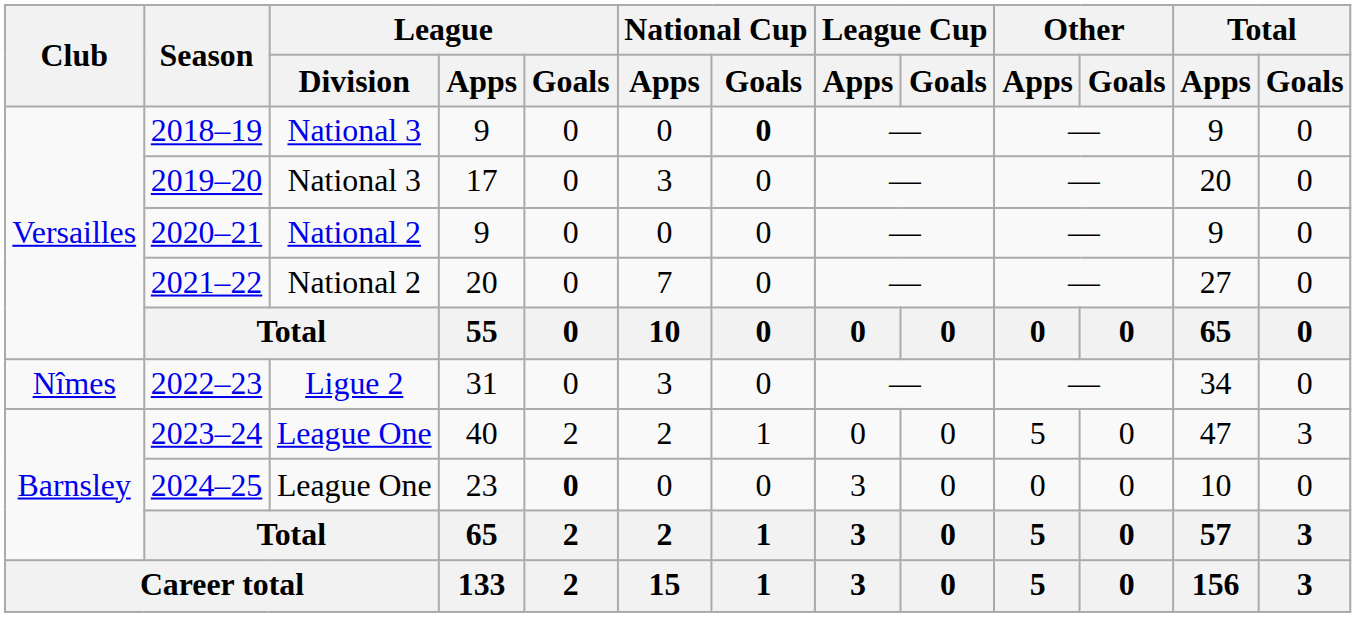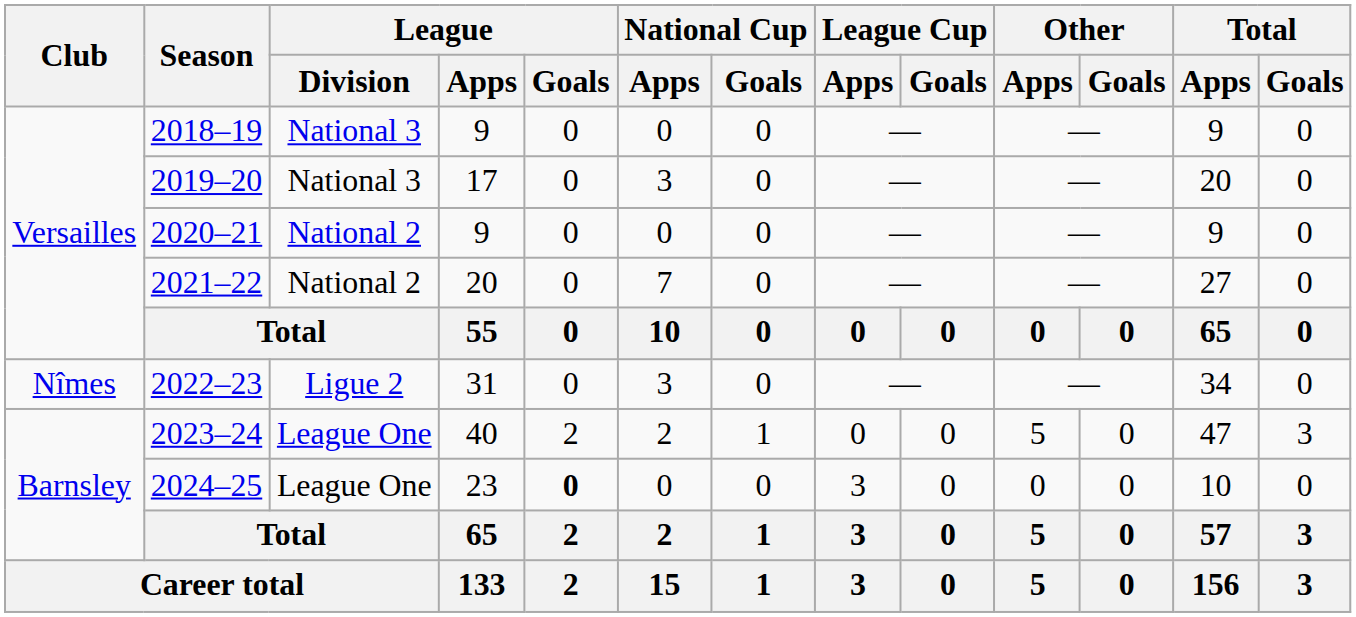 <table class="wikitable" style="text-align: center">
 <tr>
 <th rowspan="2">Club</th>
 <th rowspan="2">Season</th>
 <th colspan="3">League</th>
 <th colspan="2">National Cup</th>
 <th colspan="2">League Cup</th>
 <th colspan="2">Other</th>
 <th colspan="2">Total</th>
 </tr>
 <tr>
 <th>Division</th>
 <th>Apps</th>
 <th>Goals</th>
 <th>Apps</th>
 <th>Goals</th>
 <th>Apps</th>
 <th>Goals</th>
 <th>Apps</th>
 <th>Goals</th>
 <th>Apps</th>
 <th>Goals</th>
 </tr>
 <tr>
 <td rowspan="5"><a href='#'>Versailles</a></td>
 <td><a href='#'>2018–19</a></td>
 <td><a href='#'>National 3</a></td>
 <td>9</td>
 <td>0</td>
 <td>0</td>
-<td><strong>0</strong></td>
+<td>0</td>
 <td colspan="2">—</td>
 <td colspan="2">—</td>
 <td>9</td>
 <td>0</td>
 </tr>
 <tr>
 <td><a href='#'>2019–20</a></td>
 <td>National 3</td>
 <td>17</td>
 <td>0</td>
 <td>3</td>
 <td>0</td>
 <td colspan="2">—</td>
 <td colspan="2">—</td>
 <td>20</td>
 <td>0</td>
 </tr>
 <tr>
 <td><a href='#'>2020–21</a></td>
 <td><a href='#'>National 2</a></td>
 <td>9</td>
 <td>0</td>
 <td>0</td>
 <td>0</td>
 <td colspan="2">—</td>
 <td colspan="2">—</td>
 <td>9</td>
 <td>0</td>
 </tr>
 <tr>
 <td><a href='#'>2021–22</a></td>
 <td>National 2</td>
 <td>20</td>
 <td>0</td>
 <td>7</td>
 <td>0</td>
 <td colspan="2">—</td>
 <td colspan="2">—</td>
 <td>27</td>
 <td>0</td>
 </tr>
 <tr>
 <th colspan="2">Total</th>
 <th>55</th>
 <th>0</th>
 <th>10</th>
 <th>0</th>
 <th>0</th>
 <th>0</th>
 <th>0</th>
 <th>0</th>
 <th>65</th>
 <th>0</th>
 </tr>
 <tr>
 <td><a href='#'>Nîmes</a></td>
 <td><a href='#'>2022–23</a></td>
 <td><a href='#'>Ligue 2</a></td>
 <td>31</td>
 <td>0</td>
 <td>3</td>
 <td>0</td>
 <td colspan="2">—</td>
 <td colspan="2">—</td>
 <td>34</td>
 <td>0</td>
 </tr>
 <tr>
 <td rowspan="3"><a href='#'>Barnsley</a></td>
 <td><a href='#'>2023–24</a></td>
 <td><a href='#'>League One</a></td>
 <td>40</td>
 <td>2</td>
 <td>2</td>
 <td>1</td>
 <td>0</td>
 <td>0</td>
 <td>5</td>
 <td>0</td>
 <td>47</td>
 <td>3</td>
 </tr>
 <tr>
 <td><a href='#'>2024–25</a></td>
 <td>League One</td>
 <td>23</td>
 <td><strong>0</strong></td>
 <td>0</td>
 <td>0</td>
 <td>3</td>
 <td>0</td>
 <td>0</td>
 <td>0</td>
 <td>10</td>
 <td>0</td>
 </tr>
 <tr>
 <th colspan="2">Total</th>
 <th>65</th>
 <th>2</th>
 <th>2</th>
 <th>1</th>
 <th>3</th>
 <th>0</th>
 <th>5</th>
 <th>0</th>
 <th>57</th>
 <th>3</th>
 </tr>
 <tr>
 <th colspan="3">Career total</th>
 <th>133</th>
 <th>2</th>
 <th>15</th>
 <th>1</th>
 <th>3</th>
 <th>0</th>
 <th>5</th>
 <th>0</th>
 <th>156</th>
 <th>3</th>
 </tr>
 </table>
